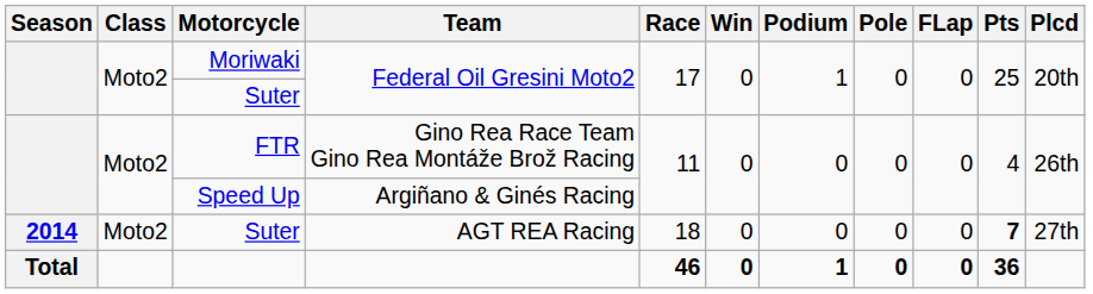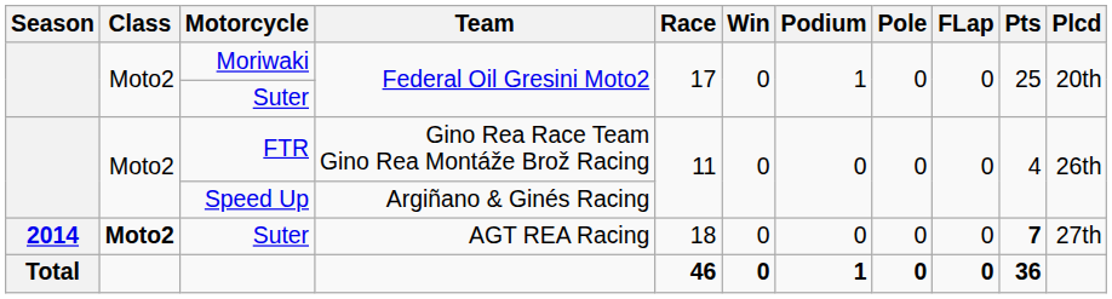 <table class="wikitable" style=text-align:right>
 <tr>
 <th>Season</th>
 <th>Class</th>
 <th>Motorcycle</th>
 <th>Team</th>
 <th>Race</th>
 <th>Win</th>
 <th>Podium</th>
 <th>Pole</th>
 <th>FLap</th>
 <th>Pts</th>
 <th>Plcd</th>
 </tr>
 <tr>
 <th rowspan=2></th>
 <td rowspan=2>Moto2</td>
 <td><a href='#'>Moriwaki</a></td>
 <td rowspan=2><a href='#'>Federal Oil Gresini Moto2</a></td>
 <td rowspan=2>17</td>
 <td rowspan=2>0</td>
 <td rowspan=2>1</td>
 <td rowspan=2>0</td>
 <td rowspan=2>0</td>
 <td rowspan=2>25</td>
 <td rowspan=2>20th</td>
 </tr>
 <tr>
 <td><a href='#'>Suter</a></td>
 </tr>
 <tr>
 <th rowspan=2></th>
 <td rowspan=2>Moto2</td>
 <td><a href='#'>FTR</a></td>
 <td>Gino Rea Race Team<br>Gino Rea Montáže Brož Racing</td>
 <td rowspan=2>11</td>
 <td rowspan=2>0</td>
 <td rowspan=2>0</td>
 <td rowspan=2>0</td>
 <td rowspan=2>0</td>
 <td rowspan=2>4</td>
 <td rowspan=2>26th</td>
 </tr>
 <tr>
 <td><a href='#'>Speed Up</a></td>
 <td>Argiñano & Ginés Racing</td>
 </tr>
 <tr>
 <th><a href='#'>2014</a></th>
-<td>Moto2</td>
+<td><strong>Moto2</strong></td>
 <td><a href='#'>Suter</a></td>
 <td>AGT REA Racing</td>
 <td>18</td>
 <td>0</td>
 <td>0</td>
 <td>0</td>
 <td>0</td>
 <td><strong>7</strong></td>
 <td>27th</td>
 </tr>
 <tr>
 <th>Total</th>
 <td></td>
 <td></td>
 <td></td>
 <td><strong>46</strong></td>
 <td><strong>0</strong></td>
 <td><strong>1</strong></td>
 <td><strong>0</strong></td>
 <td><strong>0</strong></td>
 <td><strong>36</strong></td>
 <td></td>
 </tr>
 </table>
